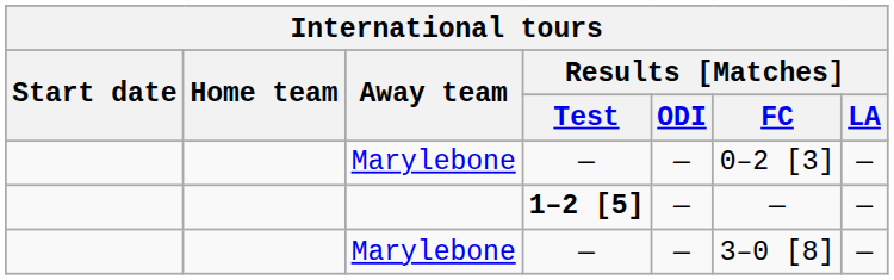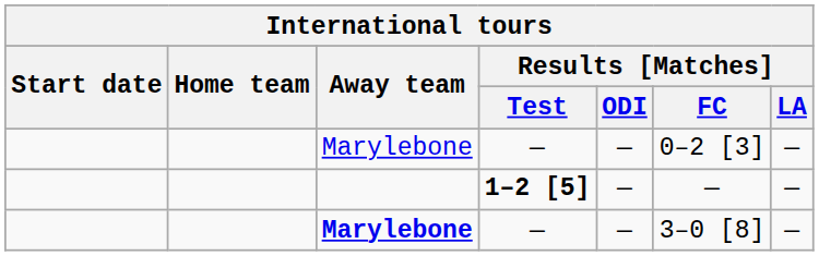 <table class="wikitable">
 <tr>
 <th colspan="7">International tours</th>
 </tr>
 <tr>
 <th rowspan="2">Start date</th>
 <th rowspan="2">Home team</th>
 <th rowspan="2">Away team</th>
 <th colspan="4">Results [Matches]</th>
 </tr>
 <tr>
 <th><a href='#'>Test</a></th>
 <th><a href='#'>ODI</a></th>
 <th><a href='#'>FC</a></th>
 <th><a href='#'>LA</a></th>
 </tr>
 <tr>
 <td><a href='#'></a></td>
 <td></td>
 <td><a href='#'>Marylebone</a></td>
 <td ; style="text-align:center">—</td>
 <td ; style="text-align:center">—</td>
 <td>0–2 [3]</td>
 <td ; style="text-align:center">—</td>
 </tr>
 <tr>
 <td><a href='#'></a></td>
 <td></td>
 <td></td>
 <td><strong>1–2 [5]</strong></td>
 <td ; style="text-align:center">—</td>
 <td ; style="text-align:center">—</td>
 <td ; style="text-align:center">—</td>
 </tr>
 <tr>
 <td><a href='#'></a></td>
 <td></td>
-<td><a href='#'>Marylebone</a></td>
+<td><strong><a href='#'>Marylebone</a></strong></td>
 <td ; style="text-align:center">—</td>
 <td ; style="text-align:center">—</td>
 <td>3–0 [8]</td>
 <td ; style="text-align:center">—</td>
 </tr>
 </table>
